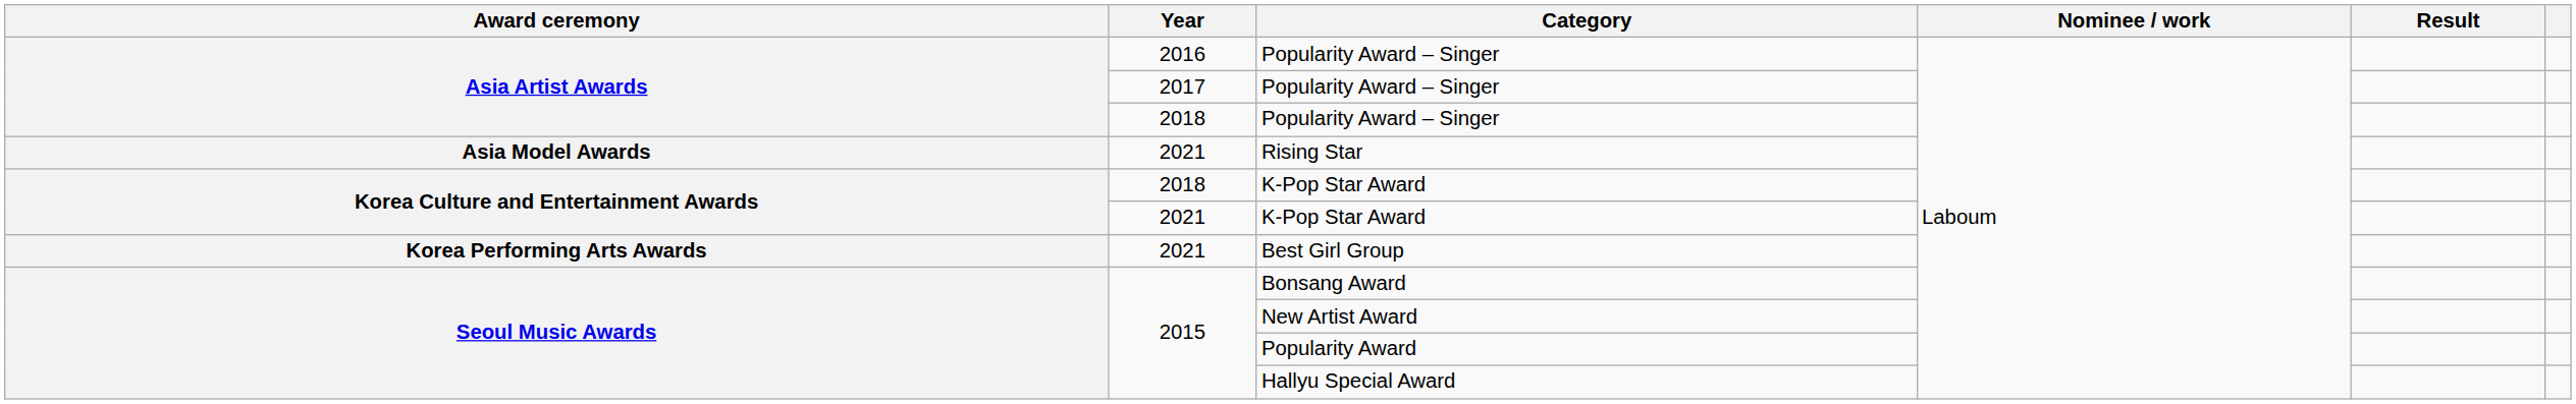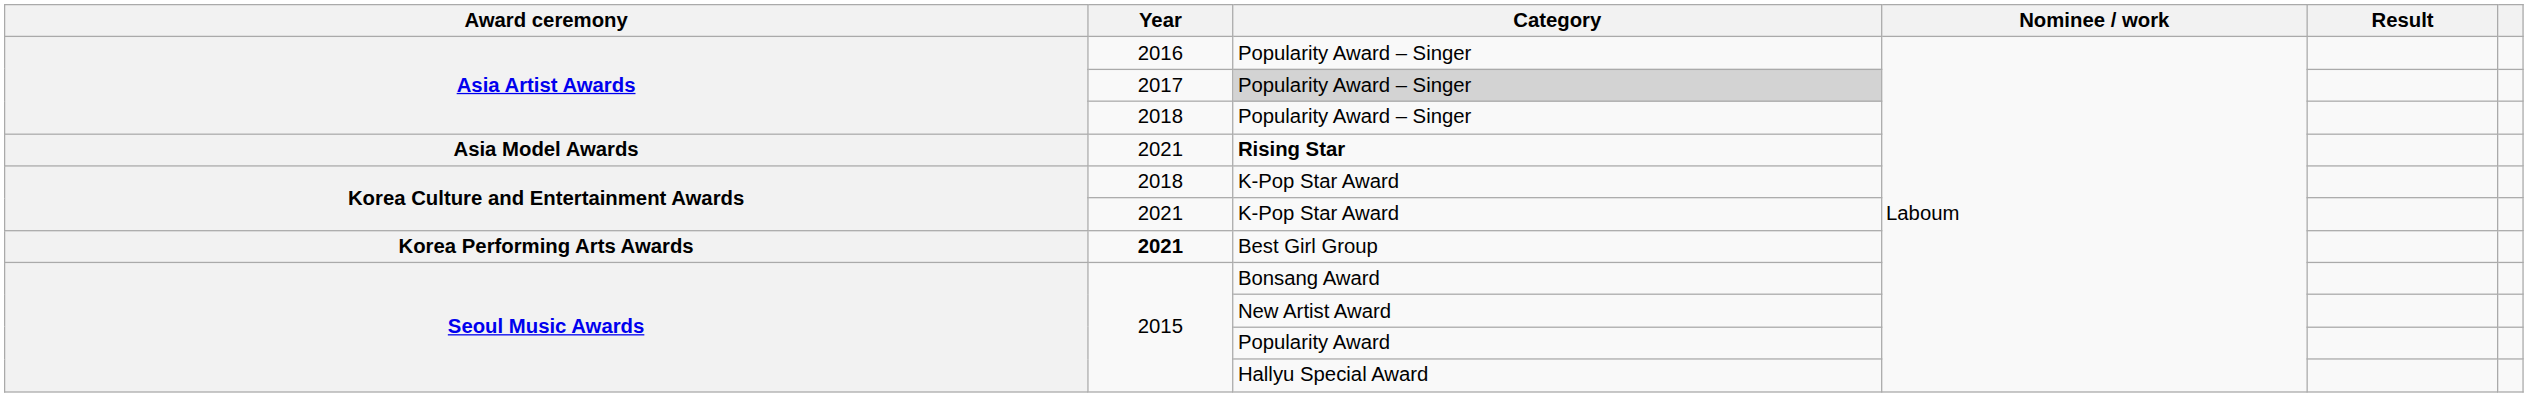 <table class="wikitable sortable plainrowheaders" style="width:100%;">
 <tr>
 <th scope="col">Award ceremony</th>
 <th scope="col">Year</th>
 <th scope="col">Category</th>
 <th scope="col">Nominee / work</th>
 <th scope="col">Result</th>
 <th scope="col" class="unsortable"></th>
 </tr>
 <tr>
 <th scope="row" rowspan="3"><a href='#'>Asia Artist Awards</a></th>
 <td style="text-align:center">2016</td>
 <td>Popularity Award – Singer</td>
 <td rowspan="11">Laboum</td>
 <td></td>
 <td style="text-align:center"></td>
 </tr>
 <tr>
 <td style="text-align:center">2017</td>
-<td>Popularity Award – Singer</td>
+<td style="background: lightgrey;">Popularity Award – Singer</td>
 <td></td>
 <td style="text-align:center"></td>
 </tr>
 <tr>
 <td style="text-align:center">2018</td>
 <td>Popularity Award – Singer</td>
 <td></td>
 <td style="text-align:center"></td>
 </tr>
 <tr>
 <th scope="row">Asia Model Awards</th>
 <td style="text-align:center">2021</td>
-<td>Rising Star</td>
+<td><strong>Rising Star</strong></td>
 <td></td>
 <td style="text-align:center"></td>
 </tr>
 <tr>
 <th scope="row" rowspan="2">Korea Culture and Entertainment Awards</th>
 <td style="text-align:center">2018</td>
 <td>K-Pop Star Award</td>
 <td></td>
 <td style="text-align:center"></td>
 </tr>
 <tr>
 <td style="text-align:center">2021</td>
 <td>K-Pop Star Award</td>
 <td></td>
 <td style="text-align:center"></td>
 </tr>
 <tr>
 <th scope="row">Korea Performing Arts Awards</th>
-<td style="text-align:center">2021</td>
+<td style="text-align:center"><strong>2021</strong></td>
 <td>Best Girl Group</td>
 <td></td>
 <td style="text-align:center"></td>
 </tr>
 <tr>
 <th scope="row" rowspan="4"><a href='#'>Seoul Music Awards</a></th>
 <td rowspan="4" style="text-align:center">2015</td>
 <td>Bonsang Award</td>
 <td></td>
 <td style="text-align:center"></td>
 </tr>
 <tr>
 <td>New Artist Award</td>
 <td></td>
 <td style="text-align:center"></td>
 </tr>
 <tr>
 <td>Popularity Award</td>
 <td></td>
 <td style="text-align:center"></td>
 </tr>
 <tr>
 <td>Hallyu Special Award</td>
 <td></td>
 <td style="text-align:center"></td>
 </tr>
 </table>
